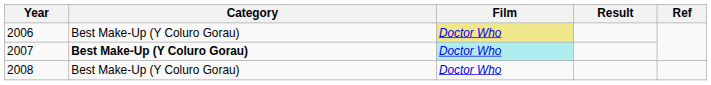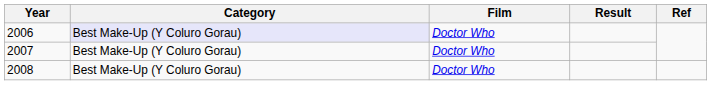 <table width="60%" class="wikitable">
 <tr>
 <th>Year</th>
 <th>Category</th>
 <th>Film</th>
 <th>Result</th>
 <th>Ref</th>
 </tr>
 <tr>
 <td>2006</td>
-<td>Best Make-Up (Y Coluro Gorau)</td>
-<td style="background: khaki;"><em><a href='#'>Doctor Who</a></em></td>
+<td style="background: lavender;">Best Make-Up (Y Coluro Gorau)</td>
+<td><em><a href='#'>Doctor Who</a></em></td>
 <td></td>
 </tr>
 <tr>
 <td>2007</td>
-<td><strong>Best Make-Up (Y Coluro Gorau)</strong></td>
-<td style="background: paleturquoise;"><em><a href='#'>Doctor Who</a></em></td>
+<td>Best Make-Up (Y Coluro Gorau)</td>
+<td><em><a href='#'>Doctor Who</a></em></td>
 <td></td>
 </tr>
 <tr>
 <td>2008</td>
 <td>Best Make-Up (Y Coluro Gorau)</td>
 <td><em><a href='#'>Doctor Who</a></em></td>
 <td></td>
 <td></td>
 </tr>
 </table>
